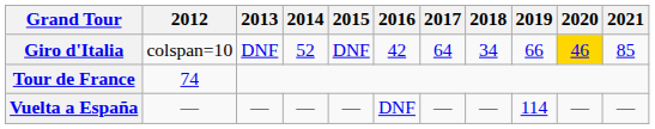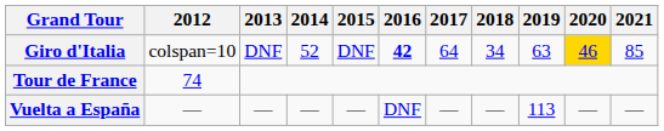 <table class="wikitable plainrowheaders">
 <tr>
 <th scope="col"><a href='#'>Grand Tour</a></th>
 <th scope="col">2012</th>
 <th scope="col">2013</th>
 <th scope="col">2014</th>
 <th scope="col">2015</th>
 <th scope="col">2016</th>
 <th scope="col">2017</th>
 <th scope="col">2018</th>
 <th scope="col">2019</th>
 <th scope="col">2020</th>
 <th scope="col">2021</th>
 </tr>
 <tr style="text-align:center;">
 <th scope="row"> <a href='#'>Giro d'Italia</a></th>
 <td>colspan=10 </td>
 <td><a href='#'>DNF</a></td>
 <td><a href='#'>52</a></td>
 <td><a href='#'>DNF</a></td>
-<td><a href='#'>42</a></td>
+<td><strong><a href='#'>42</a></strong></td>
 <td><a href='#'>64</a></td>
 <td><a href='#'>34</a></td>
-<td><a href='#'>66</a></td>
+<td><a href='#'>63</a></td>
 <td style="background: gold;"><a href='#'>46</a></td>
 <td><a href='#'>85</a></td>
 </tr>
 <tr style="text-align:center;">
 <th scope="row"> <a href='#'>Tour de France</a></th>
 <td><a href='#'>74</a></td>
 </tr>
 <tr style="text-align:center;">
 <th scope="row"> <a href='#'>Vuelta a España</a></th>
 <td>—</td>
 <td>—</td>
 <td>—</td>
 <td>—</td>
 <td><a href='#'>DNF</a></td>
 <td>—</td>
 <td>—</td>
-<td><a href='#'>114</a></td>
+<td><a href='#'>113</a></td>
 <td>—</td>
 <td>—</td>
 </tr>
 </table>
